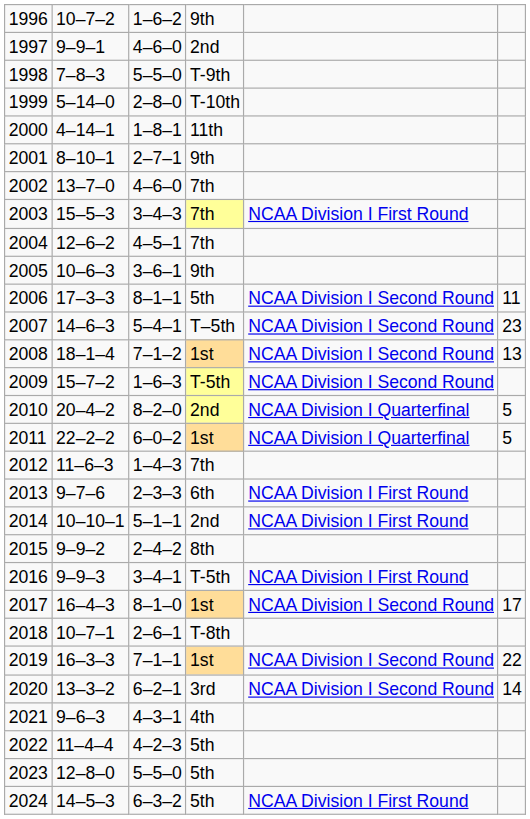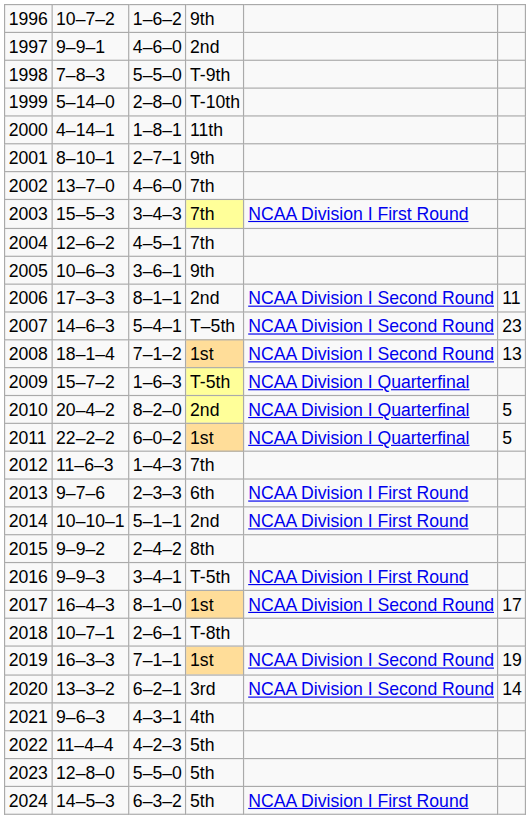 <table class="wikitable" style="font-size: 95%;">
 <tr>
 <td>1996</td>
 <td>10–7–2</td>
 <td>1–6–2</td>
 <td>9th</td>
 <td></td>
 <td></td>
 </tr>
 <tr>
 <td>1997</td>
 <td>9–9–1</td>
 <td>4–6–0</td>
 <td>2nd</td>
 <td></td>
 <td></td>
 </tr>
 <tr>
 <td>1998</td>
 <td>7–8–3</td>
 <td>5–5–0</td>
 <td>T-9th</td>
 <td></td>
 <td></td>
 </tr>
 <tr>
 <td>1999</td>
 <td>5–14–0</td>
 <td>2–8–0</td>
 <td>T-10th</td>
 <td></td>
 <td></td>
 </tr>
 <tr>
 <td>2000</td>
 <td>4–14–1</td>
 <td>1–8–1</td>
 <td>11th</td>
 <td></td>
 <td></td>
 </tr>
 <tr>
 <td>2001</td>
 <td>8–10–1</td>
 <td>2–7–1</td>
 <td>9th</td>
 <td></td>
 <td></td>
 </tr>
 <tr>
 <td>2002</td>
 <td>13–7–0</td>
 <td>4–6–0</td>
 <td>7th</td>
 <td></td>
 <td></td>
 </tr>
 <tr>
 <td>2003</td>
 <td>15–5–3</td>
 <td>3–4–3</td>
 <td style="background: #ffff99;">7th</td>
 <td><a href='#'>NCAA Division I First Round</a></td>
 <td></td>
 </tr>
 <tr>
 <td>2004</td>
 <td>12–6–2</td>
 <td>4–5–1</td>
 <td>7th</td>
 <td></td>
 <td></td>
 </tr>
 <tr>
 <td>2005</td>
 <td>10–6–3</td>
 <td>3–6–1</td>
 <td>9th</td>
 <td></td>
 <td></td>
 </tr>
 <tr>
 <td>2006</td>
 <td>17–3–3</td>
 <td>8–1–1</td>
-<td>5th</td>
+<td>2nd</td>
 <td><a href='#'>NCAA Division I Second Round</a></td>
 <td>11</td>
 </tr>
 <tr>
 <td>2007</td>
 <td>14–6–3</td>
 <td>5–4–1</td>
 <td>T–5th</td>
 <td><a href='#'>NCAA Division I Second Round</a></td>
 <td>23</td>
 </tr>
 <tr>
 <td>2008</td>
 <td>18–1–4</td>
 <td>7–1–2</td>
 <td style="background: #ffdd99;">1st</td>
 <td><a href='#'>NCAA Division I Second Round</a></td>
 <td>13</td>
 </tr>
 <tr>
 <td>2009</td>
 <td>15–7–2</td>
 <td>1–6–3</td>
 <td style="background: #ffff99;">T-5th</td>
-<td><a href='#'>NCAA Division I Second Round</a></td>
+<td><a href='#'>NCAA Division I Quarterfinal</a></td>
 <td></td>
 </tr>
 <tr>
 <td>2010</td>
 <td>20–4–2</td>
 <td>8–2–0</td>
 <td style="background: #ffff99;">2nd</td>
 <td><a href='#'>NCAA Division I Quarterfinal</a></td>
 <td>5</td>
 </tr>
 <tr>
 <td>2011</td>
 <td>22–2–2</td>
 <td>6–0–2</td>
 <td style="background: #ffdd99;">1st</td>
 <td><a href='#'>NCAA Division I Quarterfinal</a></td>
 <td>5</td>
 </tr>
 <tr>
 <td>2012</td>
 <td>11–6–3</td>
 <td>1–4–3</td>
 <td>7th</td>
 <td></td>
 <td></td>
 </tr>
 <tr>
 <td>2013</td>
 <td>9–7–6</td>
 <td>2–3–3</td>
 <td>6th</td>
 <td><a href='#'>NCAA Division I First Round</a></td>
 <td></td>
 </tr>
 <tr>
 <td>2014</td>
 <td>10–10–1</td>
 <td>5–1–1</td>
 <td>2nd</td>
 <td><a href='#'>NCAA Division I First Round</a></td>
 <td></td>
 </tr>
 <tr>
 <td>2015</td>
 <td>9–9–2</td>
 <td>2–4–2</td>
 <td>8th</td>
 <td></td>
 <td></td>
 </tr>
 <tr>
 <td>2016</td>
 <td>9–9–3</td>
 <td>3–4–1</td>
 <td>T-5th</td>
 <td><a href='#'>NCAA Division I First Round</a></td>
 <td></td>
 </tr>
 <tr>
 <td>2017</td>
 <td>16–4–3</td>
 <td>8–1–0</td>
 <td style="background: #ffdd99;">1st</td>
 <td><a href='#'>NCAA Division I Second Round</a></td>
 <td>17</td>
 </tr>
 <tr>
 <td>2018</td>
 <td>10–7–1</td>
 <td>2–6–1</td>
 <td>T-8th</td>
 <td></td>
 <td></td>
 </tr>
 <tr>
 <td>2019</td>
 <td>16–3–3</td>
 <td>7–1–1</td>
 <td style="background: #ffdd99;">1st</td>
 <td><a href='#'>NCAA Division I Second Round</a></td>
-<td>22</td>
+<td>19</td>
 </tr>
 <tr>
 <td>2020</td>
 <td>13–3–2</td>
 <td>6–2–1</td>
 <td>3rd</td>
 <td><a href='#'>NCAA Division I Second Round</a></td>
 <td>14</td>
 </tr>
 <tr>
 <td>2021</td>
 <td>9–6–3</td>
 <td>4–3–1</td>
 <td>4th</td>
 <td></td>
 <td></td>
 </tr>
 <tr>
 <td>2022</td>
 <td>11–4–4</td>
 <td>4–2–3</td>
 <td>5th</td>
 <td></td>
 <td></td>
 </tr>
 <tr>
 <td>2023</td>
 <td>12–8–0</td>
 <td>5–5–0</td>
 <td>5th</td>
 <td></td>
 <td></td>
 </tr>
 <tr>
 <td>2024</td>
 <td>14–5–3</td>
 <td>6–3–2</td>
 <td>5th</td>
 <td><a href='#'>NCAA Division I First Round</a></td>
 <td></td>
 </tr>
 </table>
